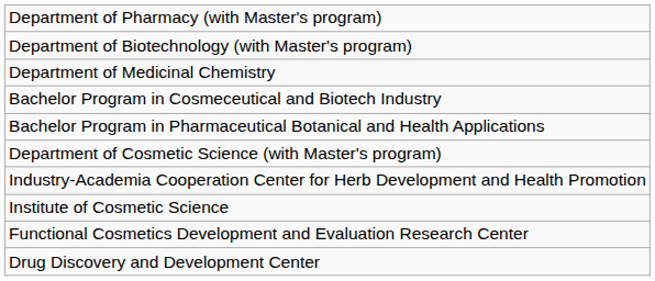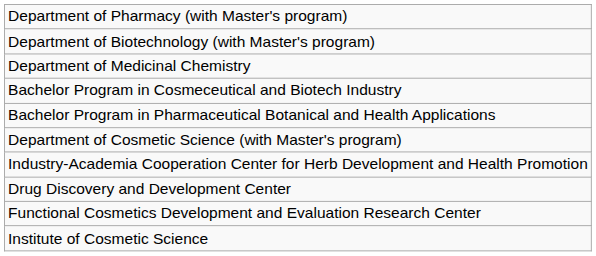 <table class="wikitable">
 <tr>
 <td>Department of Pharmacy (with Master's program)</td>
 </tr>
 <tr>
 <td>Department of Biotechnology (with Master's program)</td>
 </tr>
 <tr>
 <td>Department of Medicinal Chemistry</td>
 </tr>
 <tr>
 <td>Bachelor Program in Cosmeceutical and Biotech Industry</td>
 </tr>
 <tr>
 <td>Bachelor Program in Pharmaceutical Botanical and Health Applications</td>
 </tr>
 <tr>
 <td>Department of Cosmetic Science (with Master's program)</td>
 </tr>
 <tr>
 <td>Industry-Academia Cooperation Center for Herb Development and Health Promotion</td>
 </tr>
 <tr>
-<td>Institute of Cosmetic Science</td>
+<td>Drug Discovery and Development Center</td>
 </tr>
 <tr>
 <td>Functional Cosmetics Development and Evaluation Research Center</td>
 </tr>
 <tr>
-<td>Drug Discovery and Development Center</td>
+<td>Institute of Cosmetic Science</td>
 </tr>
 </table>
